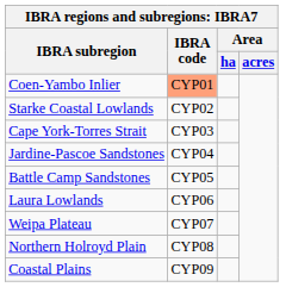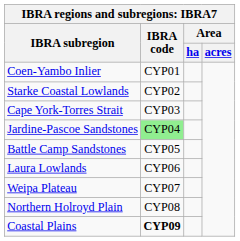 <table class="wikitable sortable">
 <tr>
 <th colspan=5>IBRA regions and subregions: IBRA7</th>
 </tr>
 <tr>
 <th rowspan=2 scope="col">IBRA subregion</th>
 <th rowspan=2 scope="col">IBRA<br>code</th>
 <th colspan=2 scope="col" class=unsortable>Area</th>
 </tr>
 <tr>
 <th><a href='#'>ha</a></th>
 <th><a href='#'>acres</a></th>
 </tr>
 <tr>
 <td><a href='#'>Coen-Yambo Inlier</a></td>
-<td align="center" style="background: lightsalmon;">CYP01</td>
+<td align="center">CYP01</td>
 <td></td>
 </tr>
 <tr>
 <td><a href='#'>Starke Coastal Lowlands</a></td>
 <td align="center">CYP02</td>
 <td></td>
 </tr>
 <tr>
 <td><a href='#'>Cape York-Torres Strait</a></td>
 <td align="center">CYP03</td>
 <td></td>
 </tr>
 <tr>
 <td><a href='#'>Jardine-Pascoe Sandstones</a></td>
-<td align="center">CYP04</td>
+<td align="center" style="background: lightgreen;">CYP04</td>
 <td></td>
 </tr>
 <tr>
 <td><a href='#'>Battle Camp Sandstones</a></td>
 <td align="center">CYP05</td>
 <td></td>
 </tr>
 <tr>
 <td><a href='#'>Laura Lowlands</a></td>
 <td align="center">CYP06</td>
 <td></td>
 </tr>
 <tr>
 <td><a href='#'>Weipa Plateau</a></td>
 <td align="center">CYP07</td>
 <td></td>
 </tr>
 <tr>
 <td><a href='#'>Northern Holroyd Plain</a></td>
 <td align="center">CYP08</td>
 <td></td>
 </tr>
 <tr>
 <td><a href='#'>Coastal Plains</a></td>
-<td align="center">CYP09</td>
+<td align="center"><strong>CYP09</strong></td>
 <td></td>
 </tr>
 </table>
